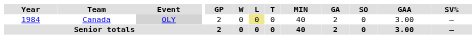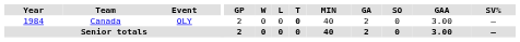 <table border="0" cellpadding="1" cellspacing="0" ID="Table3" style="text-align:center; width:60em">
 <tr ALIGN="center" bgcolor="#e0e0e0">
 <th>Year</th>
 <th>Team</th>
 <th>Event</th>
 <th rowspan="99" bgcolor="#ffffff"></th>
 <th>GP</th>
 <th>W</th>
 <th>L</th>
 <th>T</th>
 <th>MIN</th>
 <th>GA</th>
 <th>SO</th>
 <th>GAA</th>
 <th>SV%</th>
 </tr>
 <tr>
 <td><a href='#'>1984</a></td>
 <td><a href='#'>Canada</a></td>
-<td style="background: lightgrey;"><a href='#'>OLY</a></td>
+<td><a href='#'>OLY</a></td>
 <td>2</td>
 <td>0</td>
-<td style="background: khaki;">0</td>
 <td>0</td>
+<td><strong>0</strong></td>
 <td>40</td>
 <td>2</td>
 <td>0</td>
 <td>3.00</td>
 <td>—</td>
 </tr>
 <tr bgcolor="#e0e0e0">
 <th colspan=4>Senior totals</th>
 <th>2</th>
 <th>0</th>
 <th>0</th>
 <th>0</th>
 <th>40</th>
 <th>2</th>
 <th>0</th>
 <th>3.00</th>
 <th>—</th>
 </tr>
 </table>
